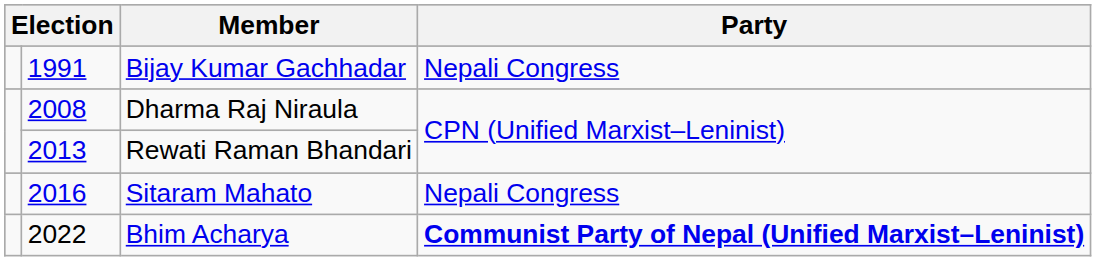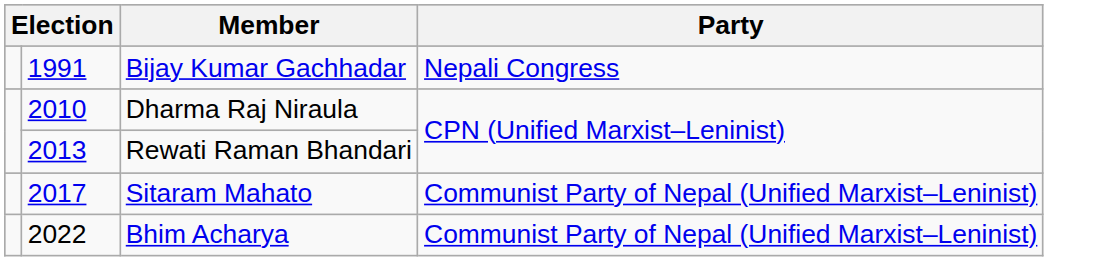 <table class="wikitable">
 <tr>
 <th colspan="2">Election</th>
 <th>Member</th>
 <th>Party</th>
 </tr>
 <tr>
 <td style="background-color:"></td>
 <td><a href='#'>1991</a></td>
 <td><a href='#'>Bijay Kumar Gachhadar</a></td>
 <td><a href='#'>Nepali Congress</a></td>
 </tr>
 <tr>
 <td rowspan="2" style="background-color:"></td>
-<td><a href='#'>2008</a></td>
+<td><a href='#'>2010</a></td>
 <td>Dharma Raj Niraula</td>
 <td rowspan="2"><a href='#'>CPN (Unified Marxist–Leninist)</a></td>
 </tr>
 <tr>
 <td><a href='#'>2013</a></td>
 <td>Rewati Raman Bhandari</td>
 </tr>
 <tr>
 <td style="background-color:"></td>
-<td><a href='#'>2016</a></td>
+<td><a href='#'>2017</a></td>
 <td><a href='#'>Sitaram Mahato</a></td>
-<td><a href='#'>Nepali Congress</a></td>
+<td><a href='#'>Communist Party of Nepal (Unified Marxist–Leninist)</a></td>
 </tr>
 <tr>
 <td></td>
 <td>2022</td>
 <td><a href='#'>Bhim Acharya</a></td>
-<td><strong><a href='#'>Communist Party of Nepal (Unified Marxist–Leninist)</a></strong></td>
+<td><a href='#'>Communist Party of Nepal (Unified Marxist–Leninist)</a></td>
 </tr>
 </table>
